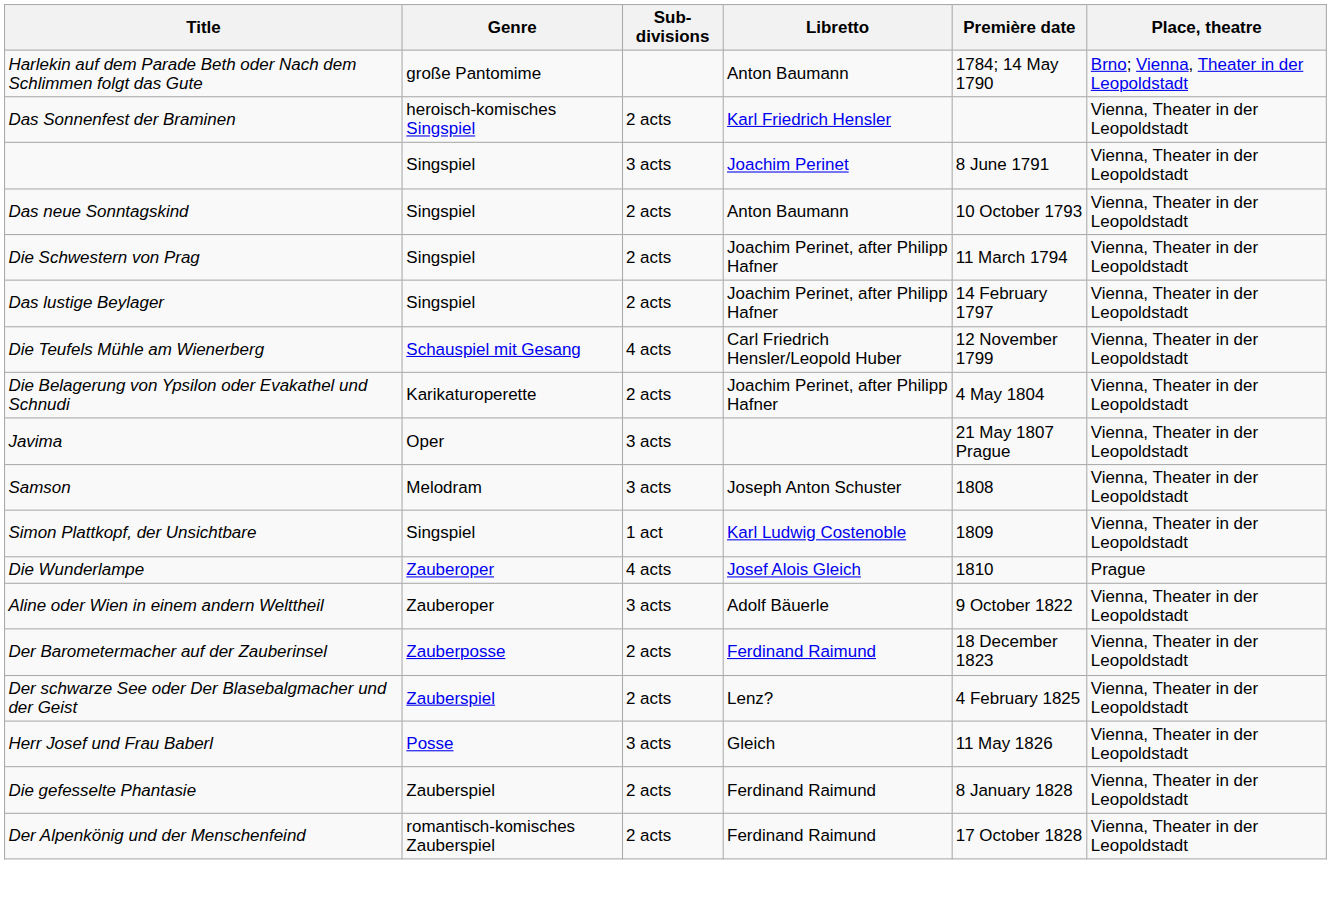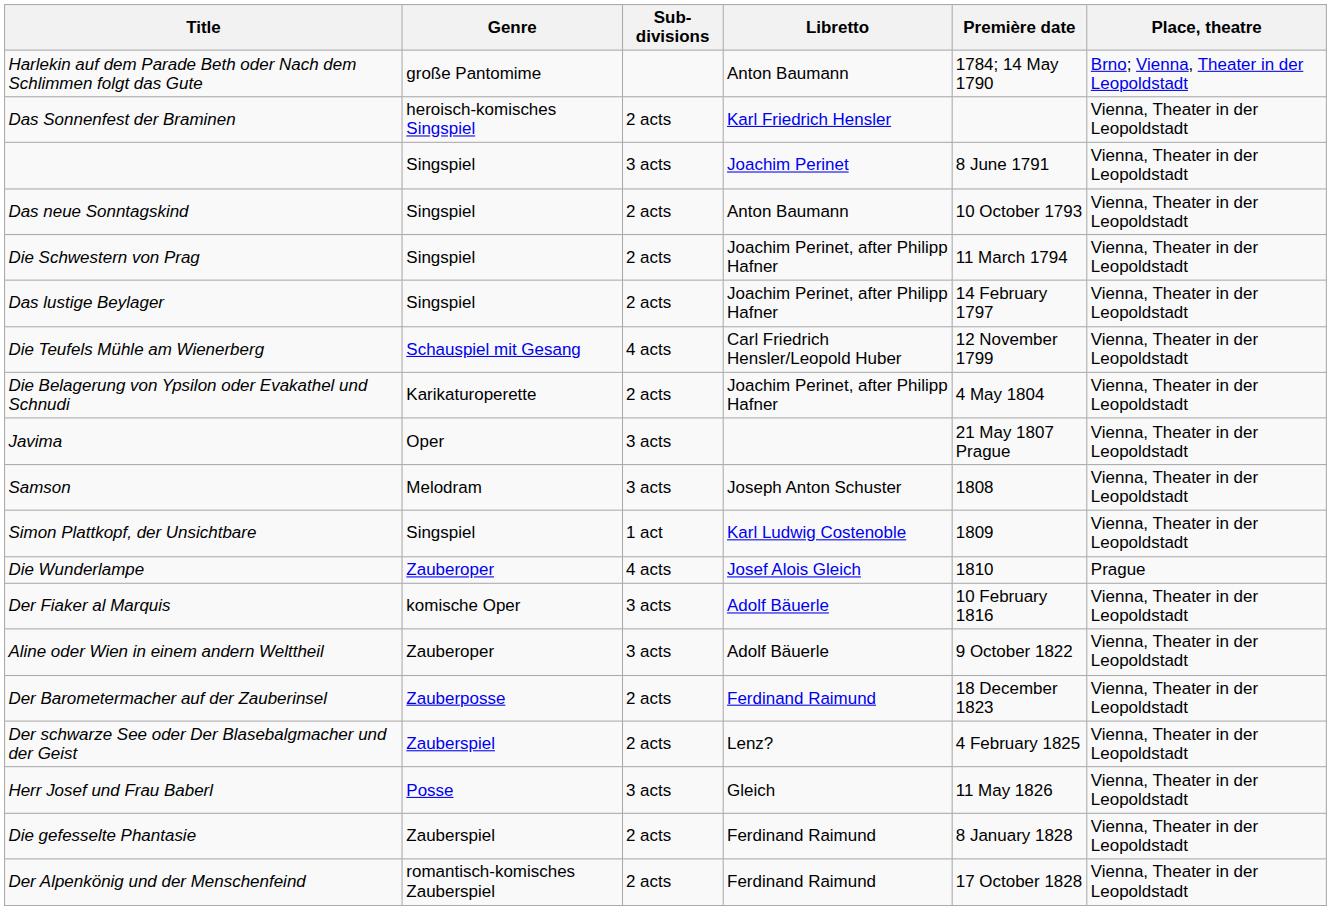 <table class="wikitable sortable">
 <tr>
 <th>Title</th>
 <th>Genre</th>
 <th>Sub­divisions</th>
 <th>Libretto</th>
 <th>Première date</th>
 <th>Place, theatre</th>
 </tr>
 <tr>
 <td><em>Harlekin auf dem Parade Beth oder Nach dem Schlimmen folgt das Gute</em></td>
 <td>große Pantomime</td>
 <td> </td>
 <td>Anton Baumann</td>
 <td>1784; 14 May 1790</td>
 <td><a href='#'>Brno</a>; <a href='#'>Vienna</a>, <a href='#'>Theater in der Leopoldstadt</a></td>
 </tr>
 <tr>
 <td><em>Das Sonnenfest der Braminen</em></td>
 <td>heroisch-komisches <a href='#'>Singspiel</a></td>
 <td>2 acts</td>
 <td><a href='#'>Karl Friedrich Hensler</a></td>
 <td></td>
 <td>Vienna, Theater in der Leopoldstadt</td>
 </tr>
 <tr>
 <td><em></em></td>
 <td>Singspiel</td>
 <td>3 acts</td>
 <td><a href='#'>Joachim Perinet</a></td>
 <td>8 June 1791</td>
 <td>Vienna, Theater in der Leopoldstadt</td>
 </tr>
 <tr>
 <td><em>Das neue Sonntagskind</em></td>
 <td>Singspiel</td>
 <td>2 acts</td>
 <td>Anton Baumann</td>
 <td>10 October 1793</td>
 <td>Vienna, Theater in der Leopoldstadt</td>
 </tr>
 <tr>
 <td><em>Die Schwestern von Prag</em></td>
 <td>Singspiel</td>
 <td>2 acts</td>
 <td>Joachim Perinet, after Philipp Hafner</td>
 <td>11 March 1794</td>
 <td>Vienna, Theater in der Leopoldstadt</td>
 </tr>
 <tr>
 <td><em>Das lustige Beylager</em></td>
 <td>Singspiel</td>
 <td>2 acts</td>
 <td>Joachim Perinet, after Philipp Hafner</td>
 <td>14 February 1797</td>
 <td>Vienna, Theater in der Leopoldstadt</td>
 </tr>
 <tr>
 <td><em>Die Teufels Mühle am Wienerberg</em></td>
 <td><a href='#'>Schauspiel mit Gesang</a></td>
 <td>4 acts</td>
 <td>Carl Friedrich Hensler/Leopold Huber</td>
 <td>12 November 1799</td>
 <td>Vienna, Theater in der Leopoldstadt</td>
 </tr>
 <tr>
 <td><em>Die Belagerung von Ypsilon oder Evakathel und Schnudi</em></td>
 <td>Karikaturoperette</td>
 <td>2 acts</td>
 <td>Joachim Perinet, after Philipp Hafner</td>
 <td>4 May 1804</td>
 <td>Vienna, Theater in der Leopoldstadt</td>
 </tr>
 <tr>
 <td><em>Javima</em></td>
 <td>Oper</td>
 <td>3 acts</td>
 <td> </td>
 <td>21 May 1807 Prague</td>
 <td>Vienna, Theater in der Leopoldstadt</td>
 </tr>
 <tr>
 <td><em>Samson</em></td>
 <td>Melodram</td>
 <td>3 acts</td>
 <td>Joseph Anton Schuster</td>
 <td>1808</td>
 <td>Vienna, Theater in der Leopoldstadt</td>
 </tr>
 <tr>
 <td><em>Simon Plattkopf, der Unsichtbare</em></td>
 <td>Singspiel</td>
 <td>1 act</td>
 <td><a href='#'>Karl Ludwig Costenoble</a></td>
 <td>1809</td>
 <td>Vienna, Theater in der Leopoldstadt</td>
 </tr>
 <tr>
 <td><em>Die Wunderlampe</em></td>
 <td><a href='#'>Zauberoper</a></td>
 <td>4 acts</td>
 <td><a href='#'>Josef Alois Gleich</a></td>
 <td>1810</td>
 <td>Prague</td>
 </tr>
 <tr>
+<td><em>Der Fiaker al Marquis</em></td>
+<td>komische Oper</td>
+<td>3 acts</td>
+<td><a href='#'>Adolf Bäuerle</a></td>
+<td>10 February 1816</td>
+<td>Vienna, Theater in der Leopoldstadt</td>
+</tr>
+<tr>
 <td><em>Aline oder Wien in einem andern Welttheil</em></td>
 <td>Zauberoper</td>
 <td>3 acts</td>
 <td>Adolf Bäuerle</td>
 <td>9 October 1822</td>
 <td>Vienna, Theater in der Leopoldstadt</td>
 </tr>
 <tr>
 <td><em>Der Barometermacher auf der Zauberinsel</em></td>
 <td><a href='#'>Zauberposse</a></td>
 <td>2 acts</td>
 <td><a href='#'>Ferdinand Raimund</a></td>
 <td>18 December 1823</td>
 <td>Vienna, Theater in der Leopoldstadt</td>
 </tr>
 <tr>
 <td><em>Der schwarze See oder Der Blasebalgmacher und der Geist</em></td>
 <td><a href='#'>Zauberspiel</a></td>
 <td>2 acts</td>
 <td>Lenz?</td>
 <td>4 February 1825</td>
 <td>Vienna, Theater in der Leopoldstadt</td>
 </tr>
 <tr>
 <td><em>Herr Josef und Frau Baberl</em></td>
 <td><a href='#'>Posse</a></td>
 <td>3 acts</td>
 <td>Gleich</td>
 <td>11 May 1826</td>
 <td>Vienna, Theater in der Leopoldstadt</td>
 </tr>
 <tr>
 <td><em>Die gefesselte Phantasie</em></td>
 <td>Zauberspiel</td>
 <td>2 acts</td>
 <td>Ferdinand Raimund</td>
 <td>8 January 1828</td>
 <td>Vienna, Theater in der Leopoldstadt</td>
 </tr>
 <tr>
 <td><em>Der Alpenkönig und der Menschenfeind</em></td>
 <td>romantisch-komisches Zauberspiel</td>
 <td>2 acts</td>
 <td>Ferdinand Raimund</td>
 <td>17 October 1828</td>
 <td>Vienna, Theater in der Leopoldstadt</td>
 </tr>
 </table>
